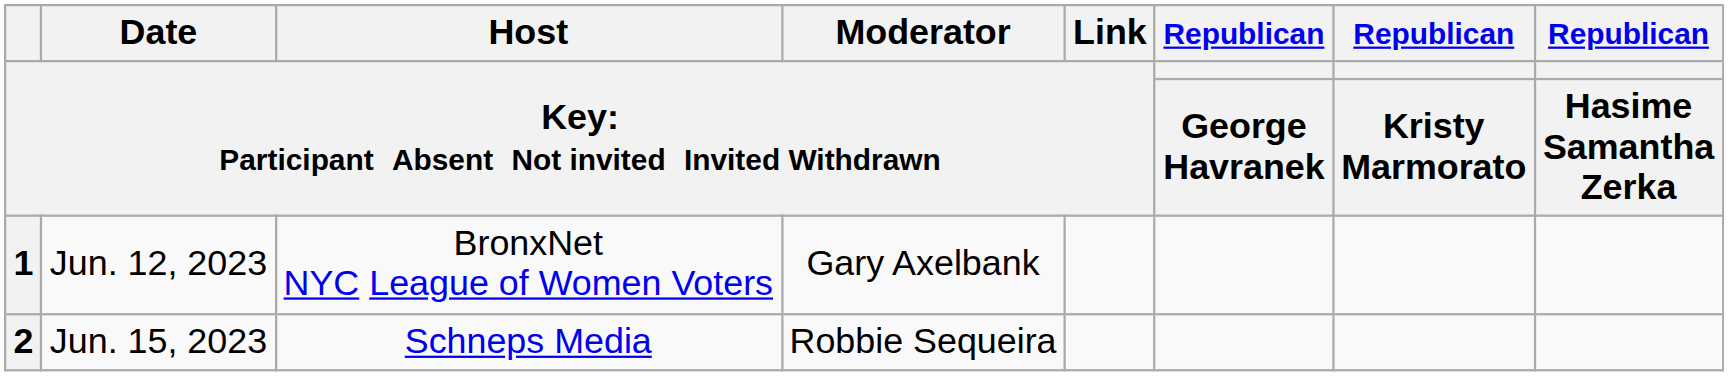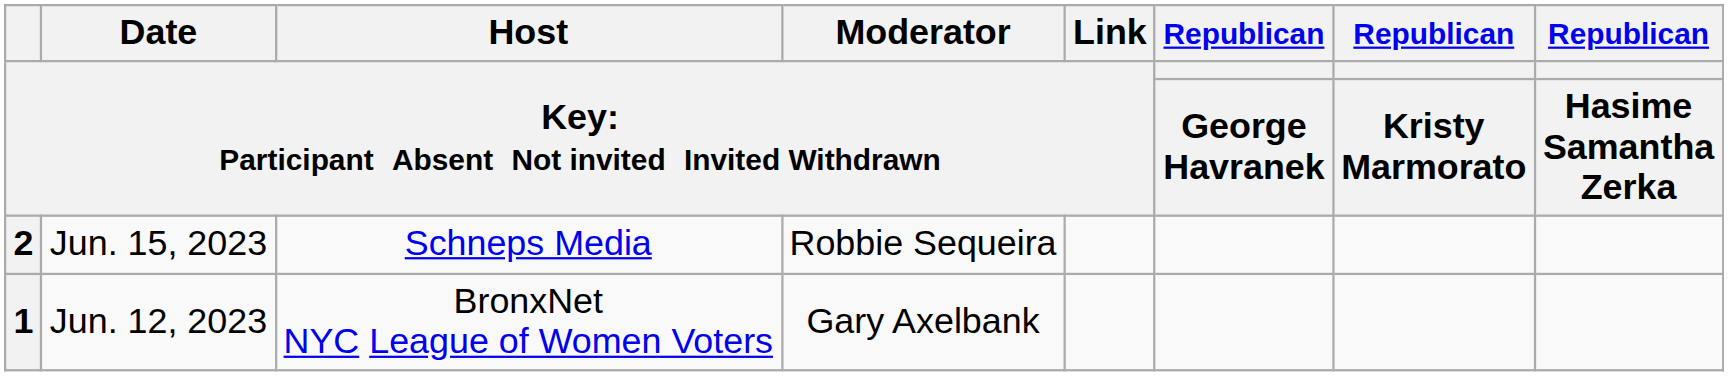 <table class="wikitable" style="text-align:center;">
 <tr>
 <th scope="col"></th>
 <th scope="col">Date</th>
 <th scope="col">Host</th>
 <th scope="col">Moderator</th>
 <th scope="col">Link</th>
 <th scope="col"><small><a href='#'>Republican</a></small></th>
 <th scope="col"><small><a href='#'>Republican</a></small></th>
 <th scope="col"><small><a href='#'>Republican</a></small></th>
 </tr>
 <tr>
 <th colspan="5" rowspan="2">Key:<br> <small>Participant </small>  <small>Absent </small>  <small>Not invited </small>  <small>Invited  Withdrawn</small></th>
 <th scope="col" style="background:"></th>
 <th scope="col" style="background:"></th>
 <th scope="col" style="background:"></th>
 </tr>
 <tr>
 <th scope="col">George Havranek</th>
 <th scope="col">Kristy Marmorato</th>
 <th scope="col">Hasime Samantha Zerka</th>
 </tr>
 <tr>
+<th>2</th>
+<td style="white-space:nowrap;">Jun. 15, 2023</td>
+<td style="white-space:nowrap;"><a href='#'>Schneps Media</a></td>
+<td style="white-space:nowrap;">Robbie Sequeira</td>
+<td style="white-space:nowrap;"></td>
+<td></td>
+<td></td>
+<td></td>
+</tr>
+<tr>
 <th>1</th>
 <td style="white-space:nowrap;">Jun. 12, 2023</td>
 <td style="white-space:nowrap;">BronxNet<br><a href='#'>NYC</a> <a href='#'>League of Women Voters</a></td>
 <td style="white-space:nowrap;">Gary Axelbank</td>
 <td style="white-space:nowrap;"></td>
 <td></td>
 <td></td>
 <td></td>
 </tr>
-<tr>
-<th>2</th>
-<td style="white-space:nowrap;">Jun. 15, 2023</td>
-<td style="white-space:nowrap;"><a href='#'>Schneps Media</a></td>
-<td style="white-space:nowrap;">Robbie Sequeira</td>
-<td style="white-space:nowrap;"></td>
-<td></td>
-<td></td>
-<td></td>
-</tr>
 </table>
